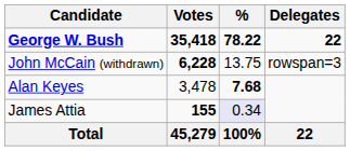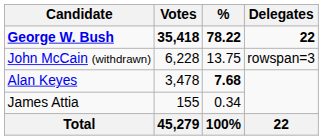 <table class="wikitable sortable" style="text-align:right;">
 <tr>
 <th>Candidate</th>
 <th>Votes</th>
 <th>%</th>
 <th>Delegates</th>
 </tr>
 <tr>
 <td style="text-align:left;" data-sort-value="Bush, George"><strong><a href='#'>George W. Bush</a></strong></td>
 <td><strong>35,418</strong></td>
 <td><strong>78.22</strong></td>
 <td><strong>22</strong></td>
 </tr>
 <tr>
 <td style="text-align:left;" data-sort-value="McCain, John"><a href='#'>John McCain</a> <small>(withdrawn)</small></td>
-<td><strong>6,228</strong></td>
+<td>6,228</td>
 <td>13.75</td>
 <td>rowspan=3 </td>
 </tr>
 <tr>
 <td style="text-align:left;"  data-sort-value="Keyes, Alan"><a href='#'>Alan Keyes</a></td>
 <td>3,478</td>
 <td><strong>7.68</strong></td>
 </tr>
 <tr>
 <td style="text-align:left;" data-sort-value="Attia, James">James Attia</td>
-<td><strong>155</strong></td>
-<td style="background: lavender;">0.34</td>
+<td>155</td>
+<td>0.34</td>
 </tr>
 <tr>
 <th>Total</th>
 <th>45,279</th>
 <th>100%</th>
 <th>22</th>
 </tr>
 </table>
